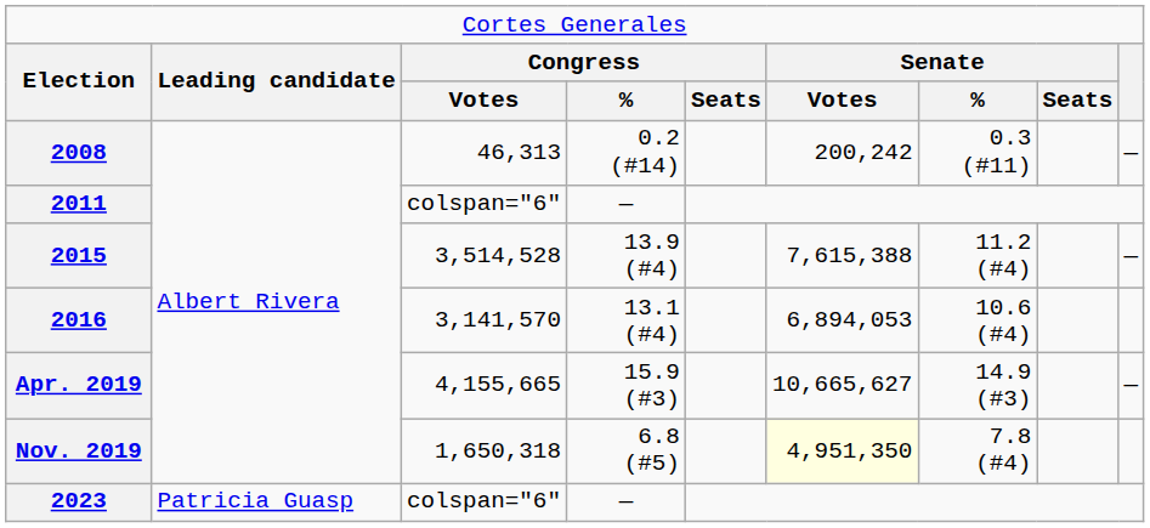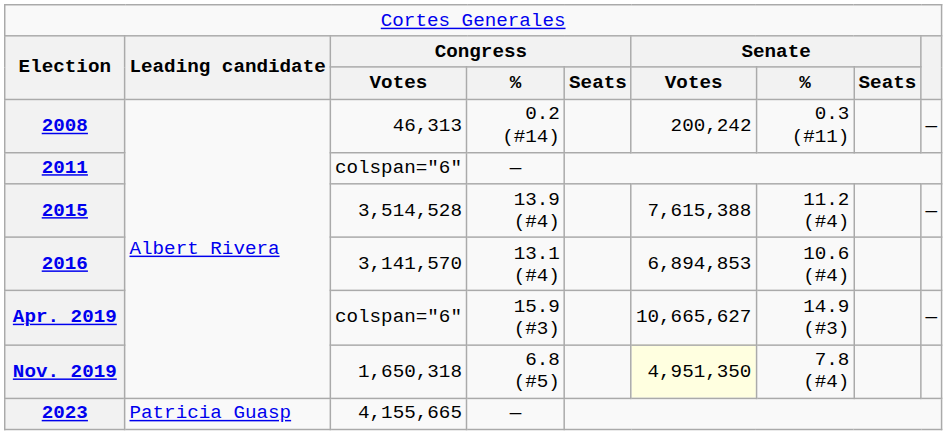 <table class="wikitable" style="text-align:right;">
 <tr>
 <td colspan="9" align="center"><a href='#'>Cortes Generales</a></td>
 </tr>
 <tr>
 <th rowspan="2" style="width:75px;">Election</th>
 <th rowspan="2">Leading candidate</th>
 <th colspan="3">Congress</th>
 <th colspan="3">Senate</th>
 <th rowspan="2"></th>
 </tr>
 <tr>
 <th style="width:70px;">Votes</th>
 <th style="width:60px;">%</th>
 <th>Seats</th>
 <th style="width:70px;">Votes</th>
 <th style="width:60px;">%</th>
 <th>Seats</th>
 </tr>
 <tr>
 <th><a href='#'>2008</a></th>
 <td rowspan="6" style="text-align:left;"><a href='#'>Albert Rivera</a></td>
 <td>46,313</td>
 <td>0.2 (#14)</td>
 <td></td>
 <td>200,242</td>
 <td>0.3 (#11)</td>
 <td></td>
 <td style="text-align:center;">—</td>
 </tr>
 <tr>
 <th><a href='#'>2011</a></th>
 <td>colspan="6"</td>
 <td style="text-align:center;">—</td>
 </tr>
 <tr>
 <th><a href='#'>2015</a></th>
 <td>3,514,528</td>
 <td>13.9 (#4)</td>
 <td></td>
 <td>7,615,388</td>
 <td>11.2 (#4)</td>
 <td></td>
 <td style="text-align:center;">—</td>
 </tr>
 <tr>
 <th><a href='#'>2016</a></th>
 <td>3,141,570</td>
 <td>13.1 (#4)</td>
 <td></td>
-<td>6,894,053</td>
+<td>6,894,853</td>
 <td>10.6 (#4)</td>
 <td></td>
 <td></td>
 </tr>
 <tr>
 <th><a href='#'>Apr. 2019</a></th>
-<td>4,155,665</td>
+<td>colspan="6"</td>
 <td>15.9 (#3)</td>
 <td></td>
 <td>10,665,627</td>
 <td>14.9 (#3)</td>
 <td></td>
 <td style="text-align:center;">—</td>
 </tr>
 <tr>
 <th><a href='#'>Nov. 2019</a></th>
 <td>1,650,318</td>
 <td>6.8 (#5)</td>
 <td></td>
 <td style="background: lightyellow;">4,951,350</td>
 <td>7.8 (#4)</td>
 <td></td>
 <td></td>
 </tr>
 <tr>
 <th><a href='#'>2023</a></th>
 <td style="text-align:left;"><a href='#'>Patricia Guasp</a></td>
-<td>colspan="6"</td>
+<td>4,155,665</td>
 <td style="text-align:center;">—</td>
 </tr>
 </table>
